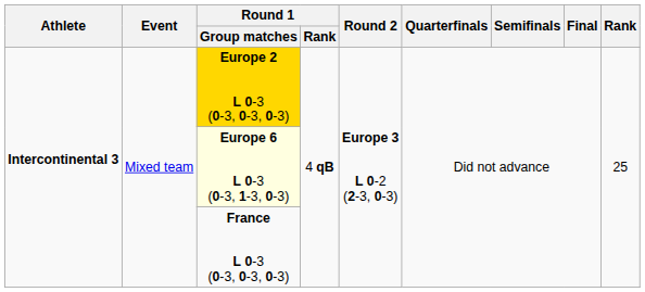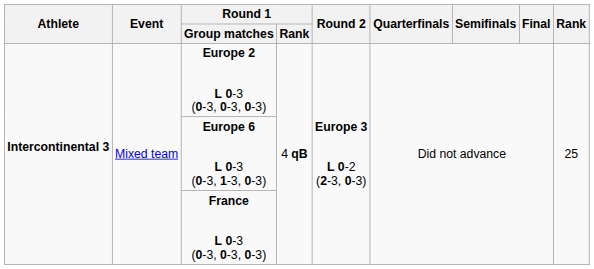 <table class="wikitable" style="font-size:90%;">
 <tr>
 <th rowspan=2>Athlete</th>
 <th rowspan=2>Event</th>
 <th colspan=2>Round 1</th>
 <th rowspan=2>Round 2</th>
 <th rowspan=2>Quarterfinals</th>
 <th rowspan=2>Semifinals</th>
 <th rowspan=2>Final</th>
 <th rowspan=2>Rank</th>
 </tr>
 <tr>
 <th>Group matches</th>
 <th>Rank</th>
 </tr>
 <tr>
 <td rowspan=3><strong>Intercontinental 3</strong><br><br></td>
 <td rowspan=3><a href='#'>Mixed team</a></td>
-<td align=center style="background: gold;"><strong>Europe 2</strong><br><br><br> <strong>L</strong> <strong>0</strong>-3 <br> (<strong>0</strong>-3, <strong>0</strong>-3, <strong>0</strong>-3)</td>
+<td align=center><strong>Europe 2</strong><br><br><br> <strong>L</strong> <strong>0</strong>-3 <br> (<strong>0</strong>-3, <strong>0</strong>-3, <strong>0</strong>-3)</td>
 <td rowspan="3" style="text-align:center;">4 <strong>qB</strong></td>
 <td style="text-align:center;" rowspan="3"><strong>Europe 3</strong><br><br><br> <strong>L</strong> <strong>0</strong>-2 <br> (<strong>2</strong>-3, <strong>0</strong>-3)</td>
 <td rowspan="3" colspan="3" style="text-align:center;">Did not advance</td>
 <td rowspan="3" style="text-align:center;">25</td>
 </tr>
 <tr>
-<td align=center style="background: lightyellow;"><strong>Europe 6</strong><br><br><br> <strong>L</strong> <strong>0</strong>-3 <br> (<strong>0</strong>-3, <strong>1</strong>-3, <strong>0</strong>-3)</td>
+<td align=center><strong>Europe 6</strong><br><br><br> <strong>L</strong> <strong>0</strong>-3 <br> (<strong>0</strong>-3, <strong>1</strong>-3, <strong>0</strong>-3)</td>
 </tr>
 <tr>
 <td align=center><strong>France</strong><br><br><br> <strong>L</strong> <strong>0</strong>-3 <br> (<strong>0</strong>-3, <strong>0</strong>-3, <strong>0</strong>-3)</td>
 </tr>
 </table>
